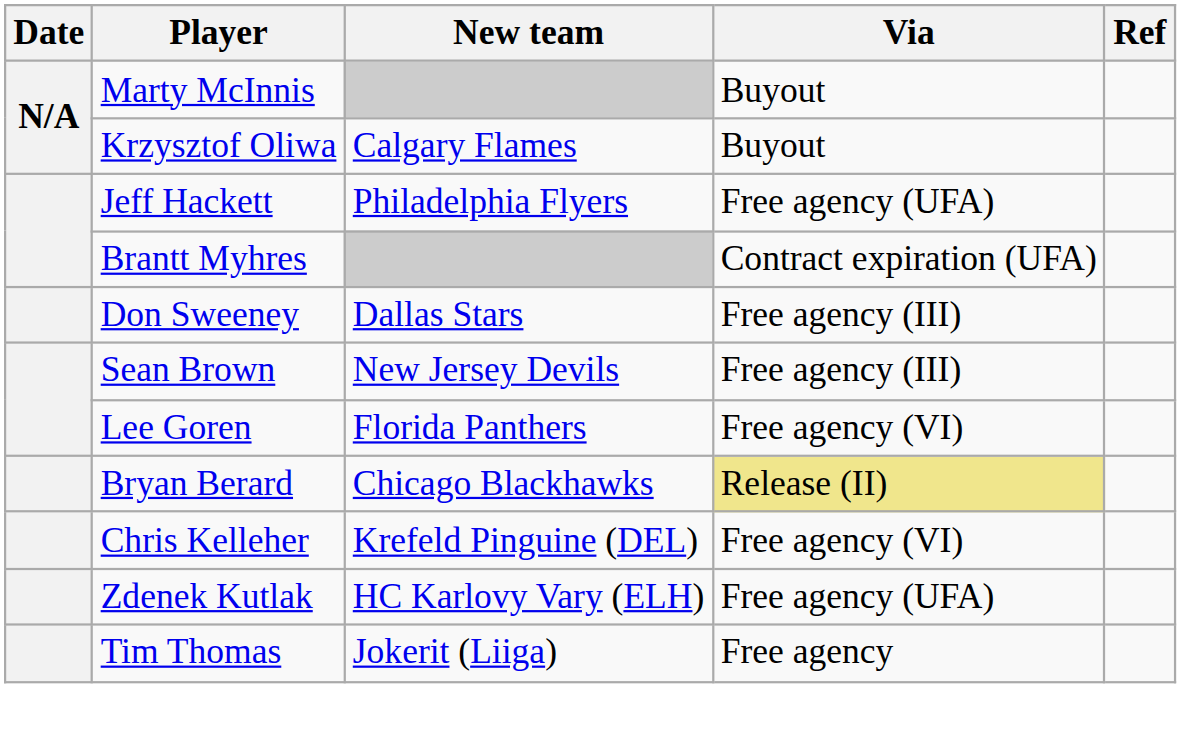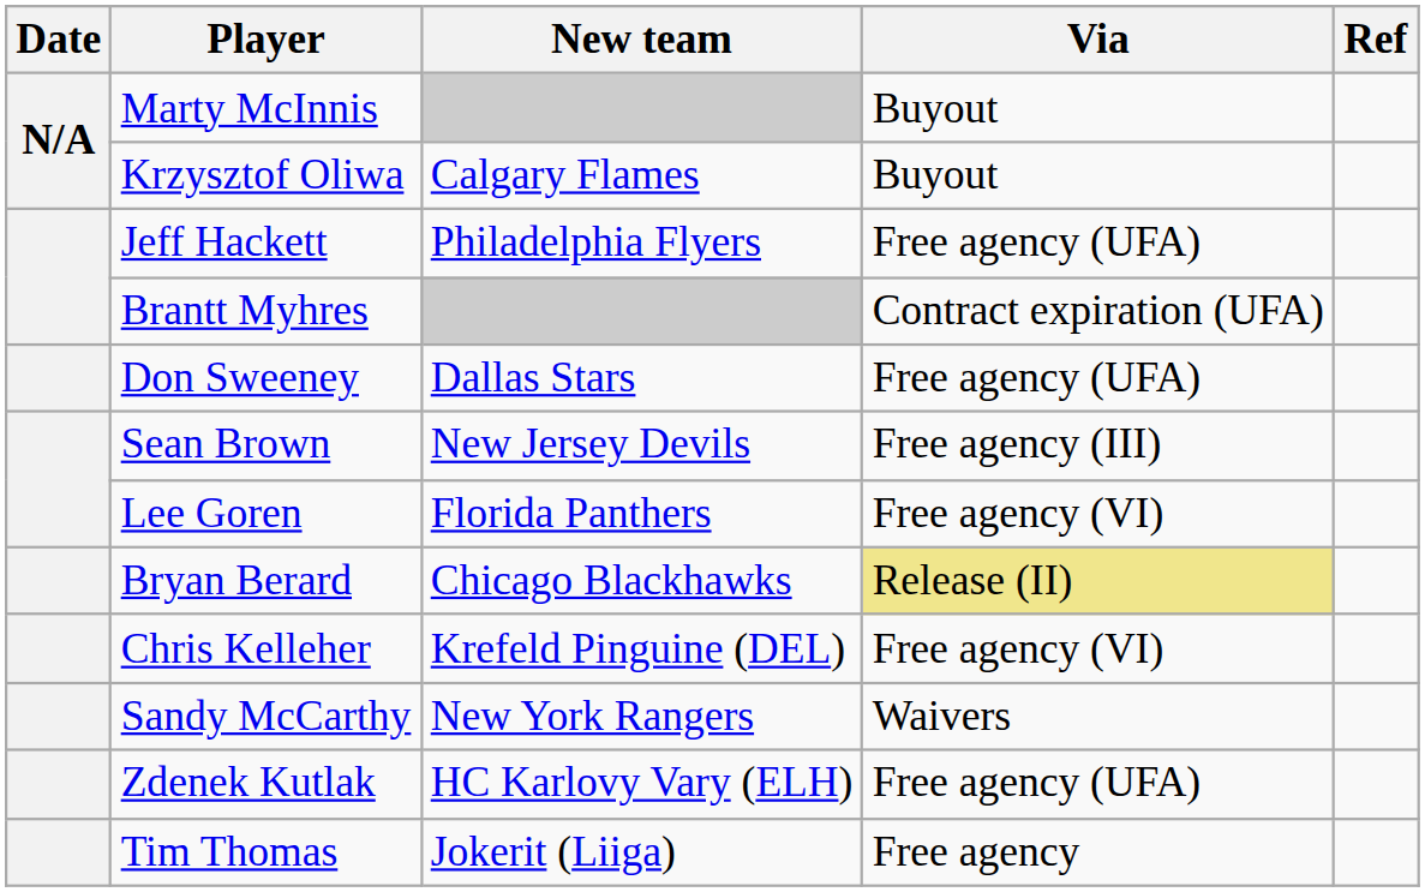 <table class="wikitable plainrowheaders">
 <tr style="background:#ddd; text-align:center;">
 <th>Date</th>
 <th>Player</th>
 <th>New team</th>
 <th>Via</th>
 <th>Ref</th>
 </tr>
 <tr>
 <th scope="row" rowspan=2>N/A</th>
 <td><a href='#'>Marty McInnis</a></td>
 <td style="background:#ccc"></td>
 <td>Buyout</td>
 <td></td>
 </tr>
 <tr>
 <td><a href='#'>Krzysztof Oliwa</a></td>
 <td><a href='#'>Calgary Flames</a></td>
 <td>Buyout</td>
 <td></td>
 </tr>
 <tr>
 <th scope="row" rowspan=2></th>
 <td><a href='#'>Jeff Hackett</a></td>
 <td><a href='#'>Philadelphia Flyers</a></td>
 <td>Free agency (UFA)</td>
 <td></td>
 </tr>
 <tr>
 <td><a href='#'>Brantt Myhres</a></td>
 <td style="background:#ccc"></td>
 <td>Contract expiration (UFA)</td>
 <td></td>
 </tr>
 <tr>
 <th scope="row"></th>
 <td><a href='#'>Don Sweeney</a></td>
 <td><a href='#'>Dallas Stars</a></td>
-<td>Free agency (III)</td>
+<td>Free agency (UFA)</td>
 <td></td>
 </tr>
 <tr>
 <th scope="row" rowspan=2></th>
 <td><a href='#'>Sean Brown</a></td>
 <td><a href='#'>New Jersey Devils</a></td>
 <td>Free agency (III)</td>
 <td></td>
 </tr>
 <tr>
 <td><a href='#'>Lee Goren</a></td>
 <td><a href='#'>Florida Panthers</a></td>
 <td>Free agency (VI)</td>
 <td></td>
 </tr>
 <tr>
 <th scope="row"></th>
 <td><a href='#'>Bryan Berard</a></td>
 <td><a href='#'>Chicago Blackhawks</a></td>
 <td style="background: khaki;">Release (II)</td>
 <td></td>
 </tr>
 <tr>
 <th scope="row"></th>
 <td><a href='#'>Chris Kelleher</a></td>
 <td><a href='#'>Krefeld Pinguine</a> (<a href='#'>DEL</a>)</td>
 <td>Free agency (VI)</td>
 <td></td>
 </tr>
 <tr>
 <th scope="row"></th>
+<td><a href='#'>Sandy McCarthy</a></td>
+<td><a href='#'>New York Rangers</a></td>
+<td>Waivers</td>
+<td></td>
+</tr>
+<tr>
+<th scope="row"></th>
 <td><a href='#'>Zdenek Kutlak</a></td>
 <td><a href='#'>HC Karlovy Vary</a> (<a href='#'>ELH</a>)</td>
 <td>Free agency (UFA)</td>
 <td></td>
 </tr>
 <tr>
 <th scope="row"></th>
 <td><a href='#'>Tim Thomas</a></td>
 <td><a href='#'>Jokerit</a> (<a href='#'>Liiga</a>)</td>
 <td>Free agency</td>
 <td></td>
 </tr>
 </table>
